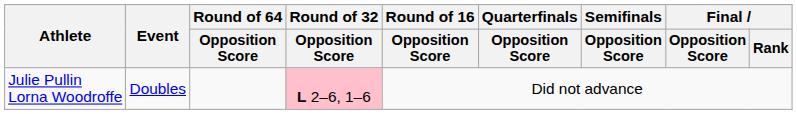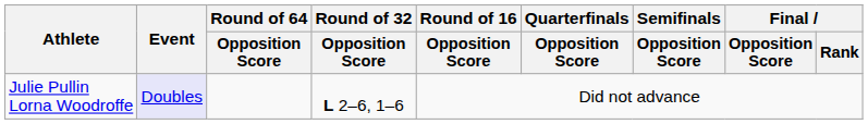 <table class=wikitable style="font-size:90%">
 <tr>
 <th rowspan="2">Athlete</th>
 <th rowspan="2">Event</th>
 <th>Round of 64</th>
 <th>Round of 32</th>
 <th>Round of 16</th>
 <th>Quarterfinals</th>
 <th>Semifinals</th>
 <th colspan=2>Final / </th>
 </tr>
 <tr style="font-size:95%">
 <th>Opposition<br>Score</th>
 <th>Opposition<br>Score</th>
 <th>Opposition<br>Score</th>
 <th>Opposition<br>Score</th>
 <th>Opposition<br>Score</th>
 <th>Opposition<br>Score</th>
 <th>Rank</th>
 </tr>
 <tr align=center>
 <td align=left><a href='#'>Julie Pullin</a><br><a href='#'>Lorna Woodroffe</a></td>
-<td align=left><a href='#'>Doubles</a></td>
+<td align=left style="background: lavender;"><a href='#'>Doubles</a></td>
 <td></td>
-<td style="background: pink;"><br><strong>L</strong> 2–6, 1–6</td>
+<td><br><strong>L</strong> 2–6, 1–6</td>
 <td colspan=5>Did not advance</td>
 </tr>
 </table>
